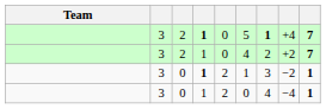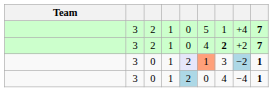 <table class="wikitable" style="text-align: center;">
 <tr>
 <th width=180>Team</th>
 <th width="20"></th>
 <th width="20"></th>
 <th width="20"></th>
 <th width="20"></th>
 <th width="20"></th>
 <th width="20"></th>
 <th width="20"></th>
 <th width="20"></th>
 </tr>
 <tr bgcolor=ccffcc>
 <td align=left></td>
 <td>3</td>
 <td>2</td>
-<td><strong>1</strong></td>
+<td>1</td>
 <td>0</td>
 <td>5</td>
-<td><strong>1</strong></td>
+<td>1</td>
 <td>+4</td>
 <td><strong>7</strong></td>
 </tr>
 <tr bgcolor=ccffcc>
 <td align=left><em></em></td>
 <td>3</td>
 <td>2</td>
 <td>1</td>
 <td>0</td>
 <td>4</td>
-<td>2</td>
+<td><strong>2</strong></td>
 <td>+2</td>
 <td><strong>7</strong></td>
 </tr>
 <tr>
 <td align=left></td>
 <td>3</td>
 <td>0</td>
-<td><strong>1</strong></td>
-<td>2</td>
 <td>1</td>
+<td style="background: lavender;">2</td>
+<td style="background: lightsalmon;">1</td>
 <td>3</td>
-<td>−2</td>
+<td style="background: lightblue;">−2</td>
 <td><strong>1</strong></td>
 </tr>
 <tr>
 <td align=left></td>
 <td>3</td>
 <td>0</td>
 <td>1</td>
-<td>2</td>
+<td style="background: lightblue;">2</td>
 <td>0</td>
 <td>4</td>
 <td>−4</td>
 <td><strong>1</strong></td>
 </tr>
 </table>
